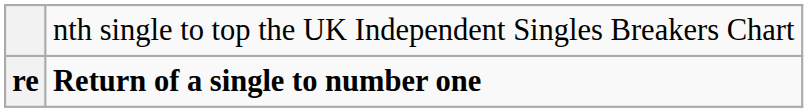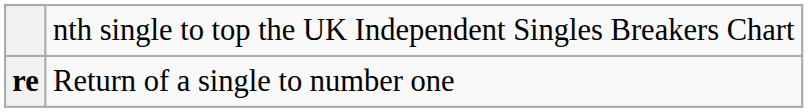 <table class="wikitable plainrowheaders" style="font-size:90%;">
 <tr>
 <th scope=col></th>
 <td>nth single to top the UK Independent Singles Breakers Chart</td>
 </tr>
 <tr>
 <th scope=row style="text-align:center;">re</th>
-<td><strong>Return of a single to number one</strong></td>
+<td>Return of a single to number one</td>
 </tr>
 </table>
